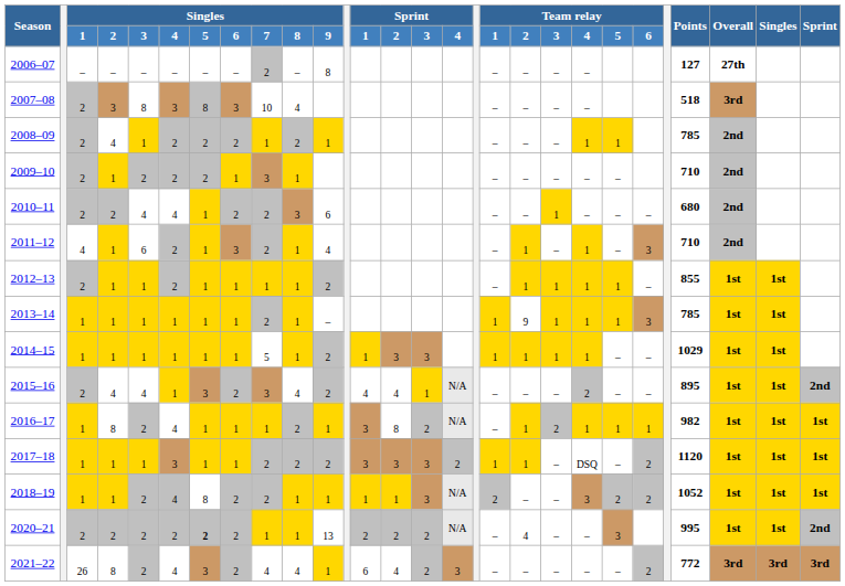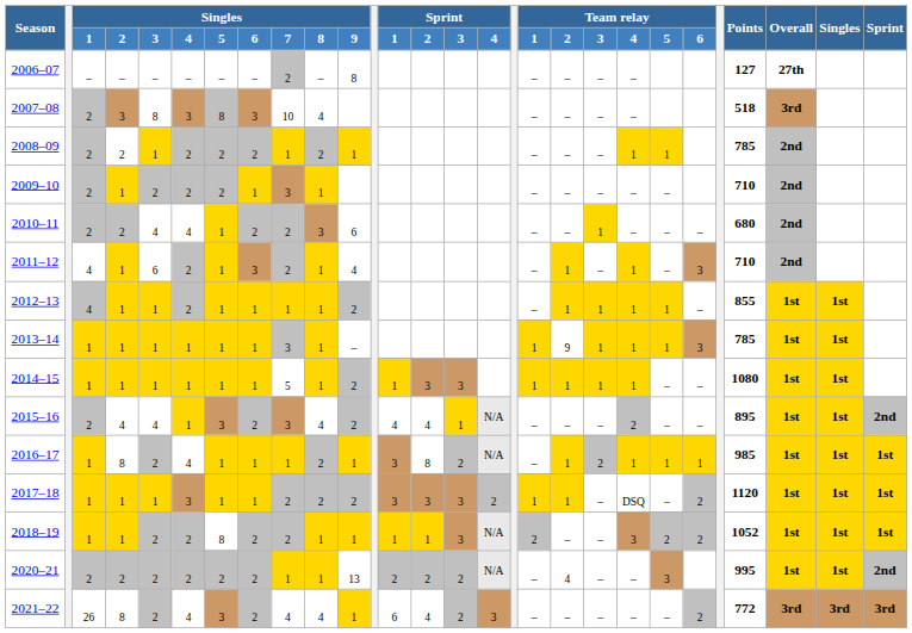 <table class="wikitable" style="font-size:95%; text-align:center; border:grey solid 1px; border-collapse:collapse; background:#ffffff;">
 <tr>
 <th rowspan="2" style="background-color:#369; color:white; width:60px">Season</th>
 <th rowspan="17" width="1px"></th>
 <th colspan="9" style="background-color:#369; color:white;">Singles</th>
 <th rowspan="17" width="1px"></th>
 <th colspan="4" style="background-color:#369; color:white;">Sprint</th>
 <th rowspan="17" width="1px"></th>
 <th colspan="6" style="background-color:#369; color:white;">Team relay</th>
 <th rowspan="17" width="1px"></th>
 <th rowspan="2" style="background-color:#369; color:white; width:40px">Points</th>
 <th rowspan="2" style="background-color:#369; color:white; width:40px">Overall</th>
 <th rowspan="2" style="background-color:#369; color:white; width:40px">Singles</th>
 <th rowspan="2" style="background-color:#369; color:white; width:40px">Sprint</th>
 </tr>
 <tr>
 <th style="background-color:#4180be; color:white; width:30px">1</th>
 <th style="background-color:#4180be; color:white; width:30px">2</th>
 <th style="background-color:#4180be; color:white; width:30px">3</th>
 <th style="background-color:#4180be; color:white; width:30px">4</th>
 <th style="background-color:#4180be; color:white; width:30px">5</th>
 <th style="background-color:#4180be; color:white; width:30px">6</th>
 <th style="background-color:#4180be; color:white; width:30px">7</th>
 <th style="background-color:#4180be; color:white; width:30px">8</th>
 <th style="background-color:#4180be; color:white; width:30px">9</th>
 <th style="background-color:#4180be; color:white; width:30px">1</th>
 <th style="background-color:#4180be; color:white; width:30px">2</th>
 <th style="background-color:#4180be; color:white; width:30px">3</th>
 <th style="background-color:#4180be; color:white; width:30px">4</th>
 <th style="background-color:#4180be; color:white; width:30px">1</th>
 <th style="background-color:#4180be; color:white; width:30px">2</th>
 <th style="background-color:#4180be; color:white; width:30px">3</th>
 <th style="background-color:#4180be; color:white; width:30px">4</th>
 <th style="background-color:#4180be; color:white; width:30px">5</th>
 <th style="background-color:#4180be; color:white; width:30px">6</th>
 </tr>
 <tr>
 <td><a href='#'>2006–07</a></td>
 <td><br><small>–</small></td>
 <td><br><small>–</small></td>
 <td><br><small>–</small></td>
 <td><br><small>–</small></td>
 <td><br><small>–</small></td>
 <td><br><small>–</small></td>
 <td style="background:silver;"><br><small>2</small></td>
 <td><br><small>–</small></td>
 <td><br><small>8</small></td>
 <td></td>
 <td></td>
 <td></td>
 <td></td>
 <td><br><small>–</small></td>
 <td><br><small>–</small></td>
 <td><br><small>–</small></td>
 <td><br><small>–</small></td>
 <td></td>
 <td></td>
 <td><strong>127</strong></td>
 <td><strong>27th</strong></td>
 <td></td>
 <td></td>
 </tr>
 <tr>
 <td><a href='#'>2007–08</a></td>
 <td style="background:silver;"><br><small>2</small></td>
 <td style="background:#cc9966;"><br><small>3</small></td>
 <td><br><small>8</small></td>
 <td style="background:#cc9966;"><br><small>3</small></td>
 <td style="background:silver;"><br><small>8</small></td>
 <td style="background:#cc9966;"><br><small>3</small></td>
 <td><br><small>10</small></td>
 <td><br><small>4</small></td>
 <td></td>
 <td></td>
 <td></td>
 <td></td>
 <td></td>
 <td><br><small>–</small></td>
 <td><br><small>–</small></td>
 <td><br><small>–</small></td>
 <td><br><small>–</small></td>
 <td></td>
 <td></td>
 <td><strong>518</strong></td>
 <td style="background:#cc9966;"><strong>3rd</strong></td>
 <td></td>
 <td></td>
 </tr>
 <tr>
 <td><a href='#'>2008–09</a></td>
 <td style="background:silver;"><br><small>2</small></td>
-<td><br><small>4</small></td>
+<td><br><small>2</small></td>
 <td style="background:gold;"><br><small>1</small></td>
 <td style="background:silver;"><br><small>2</small></td>
 <td style="background:silver;"><br><small>2</small></td>
 <td style="background:silver;"><br><small>2</small></td>
 <td style="background:gold;"><br><small>1</small></td>
 <td style="background:silver;"><br><small>2</small></td>
 <td style="background:gold;"><br><small>1</small></td>
 <td></td>
 <td></td>
 <td></td>
 <td></td>
 <td><br><small>–</small></td>
 <td><br><small>–</small></td>
 <td><br><small>–</small></td>
 <td style="background:gold;"><br><small>1</small></td>
 <td style="background:gold;"><br><small>1</small></td>
 <td></td>
 <td><strong>785</strong></td>
 <td style="background:silver;"><strong>2nd</strong></td>
 <td></td>
 <td></td>
 </tr>
 <tr>
 <td><a href='#'>2009–10</a></td>
 <td style="background:silver;"><br><small>2</small></td>
 <td style="background:gold;"><br><small>1</small></td>
 <td style="background:silver;"><br><small>2</small></td>
 <td style="background:silver;"><br><small>2</small></td>
 <td style="background:silver;"><br><small>2</small></td>
 <td style="background:gold;"><br><small>1</small></td>
 <td style="background:#cc9966;"><br><small>3</small></td>
 <td style="background:gold;"><br><small>1</small></td>
 <td></td>
 <td></td>
 <td></td>
 <td></td>
 <td></td>
 <td><br><small>–</small></td>
 <td><br><small>–</small></td>
 <td><br><small>–</small></td>
 <td><br><small>–</small></td>
 <td><br><small>–</small></td>
 <td></td>
 <td><strong>710</strong></td>
 <td style="background:silver;"><strong>2nd</strong></td>
 <td></td>
 <td></td>
 </tr>
 <tr>
 <td><a href='#'>2010–11</a></td>
 <td style="background:silver;"><br><small>2</small></td>
 <td style="background:silver;"><br><small>2</small></td>
 <td><br><small>4</small></td>
 <td><br><small>4</small></td>
 <td style="background:gold;"><br><small>1</small></td>
 <td style="background:silver;"><br><small>2</small></td>
 <td style="background:silver;"><br><small>2</small></td>
 <td style="background:#cc9966;"><br><small>3</small></td>
 <td><br><small>6</small></td>
 <td></td>
 <td></td>
 <td></td>
 <td></td>
 <td><br><small>–</small></td>
 <td><br><small>–</small></td>
 <td style="background:gold;"><br><small>1</small></td>
 <td><br><small>–</small></td>
 <td><br><small>–</small></td>
 <td><br><small>–</small></td>
 <td><strong>680</strong></td>
 <td style="background:silver;"><strong>2nd</strong></td>
 <td></td>
 <td></td>
 </tr>
 <tr>
 <td><a href='#'>2011–12</a></td>
 <td><br><small>4</small></td>
 <td style="background:gold;"><br><small>1</small></td>
 <td><br><small>6</small></td>
 <td style="background:silver;"><br><small>2</small></td>
 <td style="background:gold;"><br><small>1</small></td>
 <td style="background:#cc9966;"><br><small>3</small></td>
 <td style="background:silver;"><br><small>2</small></td>
 <td style="background:gold;"><br><small>1</small></td>
 <td><br><small>4</small></td>
 <td></td>
 <td></td>
 <td></td>
 <td></td>
 <td><br><small>–</small></td>
 <td style="background:gold;"><br><small>1</small></td>
 <td><br><small>–</small></td>
 <td style="background:gold;"><br><small>1</small></td>
 <td><br><small>–</small></td>
 <td style="background:#CC9966;"><br><small>3</small></td>
 <td><strong>710</strong></td>
 <td style="background:silver;"><strong>2nd</strong></td>
 <td></td>
 <td></td>
 </tr>
 <tr>
 <td><a href='#'>2012–13</a></td>
-<td style="background:silver;"><br><small>2</small></td>
+<td style="background:silver;"><br><small>4</small></td>
 <td style="background:gold;"><br><small>1</small></td>
 <td style="background:gold;"><br><small>1</small></td>
 <td style="background:silver;"><br><small>2</small></td>
 <td style="background:gold;"><br><small>1</small></td>
 <td style="background:gold;"><br><small>1</small></td>
 <td style="background:gold;"><br><small>1</small></td>
 <td style="background:gold;"><br><small>1</small></td>
 <td style="background:silver;"><br><small>2</small></td>
 <td></td>
 <td></td>
 <td></td>
 <td></td>
 <td><br><small>–</small></td>
 <td style="background:gold;"><br><small>1</small></td>
 <td style="background:gold;"><br><small>1</small></td>
 <td style="background:gold;"><br><small>1</small></td>
 <td style="background:gold;"><br><small>1</small></td>
 <td><br><small>–</small></td>
 <td><strong>855</strong></td>
 <td style="background:gold;"><strong>1st</strong></td>
 <td style="background:gold;"><strong>1st</strong></td>
 <td></td>
 </tr>
 <tr>
 <td><a href='#'>2013–14</a></td>
 <td style="background:gold;"><br><small>1</small></td>
 <td style="background:gold;"><br><small>1</small></td>
 <td style="background:gold;"><br><small>1</small></td>
 <td style="background:gold;"><br><small>1</small></td>
 <td style="background:gold;"><br><small>1</small></td>
 <td style="background:gold;"><br><small>1</small></td>
-<td style="background:silver;"><br><small>2</small></td>
+<td style="background:silver;"><br><small>3</small></td>
 <td style="background:gold;"><br><small>1</small></td>
 <td><br><small>–</small></td>
 <td></td>
 <td></td>
 <td></td>
 <td></td>
 <td style="background:gold;"><br><small>1</small></td>
 <td><br><small>9</small></td>
 <td style="background:gold;"><br><small>1</small></td>
 <td style="background:gold;"><br><small>1</small></td>
 <td style="background:gold;"><br><small>1</small></td>
 <td style="background:#cc9966;"><br><small>3</small></td>
 <td><strong>785</strong></td>
 <td style="background:gold;"><strong>1st</strong></td>
 <td style="background:gold;"><strong>1st</strong></td>
 <td></td>
 </tr>
 <tr>
 <td><a href='#'>2014–15</a></td>
 <td style="background:gold;"><br><small>1</small></td>
 <td style="background:gold;"><br><small>1</small></td>
 <td style="background:gold;"><br><small>1</small></td>
 <td style="background:gold;"><br><small>1</small></td>
 <td style="background:gold;"><br><small>1</small></td>
 <td style="background:gold;"><br><small>1</small></td>
 <td><br><small>5</small></td>
 <td style="background:gold;"><br><small>1</small></td>
 <td style="background:silver;"><br><small>2</small></td>
 <td style="background:gold;"><br><small>1</small></td>
 <td style="background:#cc9966;"><br><small>3</small></td>
 <td style="background:#cc9966;"><br><small>3</small></td>
 <td></td>
 <td style="background:gold;"><br><small>1</small></td>
 <td style="background:gold;"><br><small>1</small></td>
 <td style="background:gold;"><br><small>1</small></td>
 <td style="background:gold;"><br><small>1</small></td>
 <td><br><small>–</small></td>
 <td><br><small>–</small></td>
-<td><strong>1029</strong></td>
+<td><strong>1080</strong></td>
 <td style="background:gold;"><strong>1st</strong></td>
 <td style="background:gold;"><strong>1st</strong></td>
 <td></td>
 </tr>
 <tr>
 <td><a href='#'>2015–16</a></td>
 <td style="background:silver;"><br><small>2</small></td>
 <td><br><small>4</small></td>
 <td><br><small>4</small></td>
 <td style="background:gold;"><br><small>1</small></td>
 <td style="background:#cc9966;"><br><small>3</small></td>
 <td style="background:silver;"><br><small>2</small></td>
 <td style="background:#cc9966;"><br><small>3</small></td>
 <td><br><small>4</small></td>
 <td style="background:silver;"><br><small>2</small></td>
 <td><br><small>4</small></td>
 <td><br><small>4</small></td>
 <td style="background:gold;"><br><small>1</small></td>
 <td bgcolor=#E9E9E9><small>N/A</small></td>
 <td><br><small>–</small></td>
 <td><br><small>–</small></td>
 <td><br><small>–</small></td>
 <td style="background:silver;"><br><small>2</small></td>
 <td><br><small>–</small></td>
 <td><br><small>–</small></td>
 <td><strong>895</strong></td>
 <td style="background:gold;"><strong>1st</strong></td>
 <td style="background:gold;"><strong>1st</strong></td>
 <td style="background:silver;"><strong>2nd</strong></td>
 </tr>
 <tr>
 <td><a href='#'>2016–17</a></td>
 <td style="background:gold;"><br><small>1</small></td>
 <td><br><small>8</small></td>
 <td style="background:silver;"><br><small>2</small></td>
 <td><br><small>4</small></td>
 <td style="background:gold;"><br><small>1</small></td>
 <td style="background:gold;"><br><small>1</small></td>
 <td style="background:gold;"><br><small>1</small></td>
 <td style="background:silver;"><br><small>2</small></td>
 <td style="background:gold;"><br><small>1</small></td>
 <td style="background:#cc9966;"><br><small>3</small></td>
 <td><br><small>8</small></td>
 <td style="background:silver;"><br><small>2</small></td>
 <td bgcolor=#E9E9E9><small>N/A</small></td>
 <td><br><small>–</small></td>
 <td style="background:gold;"><br><small>1</small></td>
 <td style="background:silver;"><br><small>2</small></td>
 <td style="background:gold;"><br><small>1</small></td>
 <td style="background:gold;"><br><small>1</small></td>
 <td style="background:gold;"><br><small>1</small></td>
-<td><strong>982</strong></td>
+<td><strong>985</strong></td>
 <td style="background:gold;"><strong>1st</strong></td>
 <td style="background:gold;"><strong>1st</strong></td>
 <td style="background:gold;"><strong>1st</strong></td>
 </tr>
 <tr>
 <td><a href='#'>2017–18</a></td>
 <td style="background:gold;"><br><small>1</small></td>
 <td style="background:gold;"><br><small>1</small></td>
 <td style="background:gold;"><br><small>1</small></td>
 <td style="background:#cc9966;"><br><small>3</small></td>
 <td style="background:gold;"><br><small>1</small></td>
 <td style="background:gold;"><br><small>1</small></td>
 <td style="background:silver;"><br><small>2</small></td>
 <td style="background:silver;"><br><small>2</small></td>
 <td style="background:silver;"><br><small>2</small></td>
 <td style="background:#cc9966;"><br><small>3</small></td>
 <td style="background:#cc9966;"><br><small>3</small></td>
 <td style="background:#cc9966;"><br><small>3</small></td>
 <td style="background:silver;"><br><small>2</small></td>
 <td style="background:gold;"><br><small>1</small></td>
 <td style="background:gold;"><br><small>1</small></td>
 <td><br><small>–</small></td>
 <td><br><small>DSQ</small></td>
 <td><br><small>–</small></td>
 <td style="background:silver"><br><small>2</small></td>
 <td><strong>1120</strong></td>
 <td style="background:gold;"><strong>1st</strong></td>
 <td style="background:gold;"><strong>1st</strong></td>
 <td style="background:gold;"><strong>1st</strong></td>
 </tr>
 <tr>
 <td><a href='#'>2018–19</a></td>
 <td style="background:gold;"><br><small>1</small></td>
 <td style="background:gold;"><br><small>1</small></td>
 <td style="background:silver;"><br><small>2</small></td>
-<td style="background:silver;"><br><small>4</small></td>
+<td style="background:silver;"><br><small>2</small></td>
 <td><br><small>8</small></td>
 <td style="background:silver;"><br><small>2</small></td>
 <td style="background:silver;"><br><small>2</small></td>
 <td style="background:gold;"><br><small>1</small></td>
 <td style="background:gold;"><br><small>1</small></td>
 <td style="background:gold;"><br><small>1</small></td>
 <td style="background:gold;"><br><small>1</small></td>
 <td style="background:#cc9966;"><br><small>3</small></td>
 <td bgcolor=#E9E9E9><small>N/A</small></td>
 <td style="background:silver;"><br><small>2</small></td>
 <td><br><small>–</small></td>
 <td><br><small>–</small></td>
 <td style="background:#cc9966;"><br><small>3</small></td>
 <td style="background:silver;"><br><small>2</small></td>
 <td style="background:silver;"><br><small>2</small></td>
 <td><strong>1052</strong></td>
 <td style="background:gold;"><strong>1st</strong></td>
 <td style="background:gold;"><strong>1st</strong></td>
 <td style="background:gold;"><strong>1st</strong></td>
 </tr>
 <tr>
 <td><a href='#'>2020–21</a></td>
 <td style="background:silver;"><br><small>2</small></td>
 <td style="background:silver;"><br><small>2</small></td>
 <td style="background:silver;"><br><small>2</small></td>
 <td style="background:silver;"><br><small>2</small></td>
-<td style="background:silver;"><strong><br><small>2</small></strong></td>
+<td style="background:silver;"><br><small>2</small></td>
 <td style="background:silver;"><br><small>2</small></td>
 <td style="background:gold;"><br><small>1</small></td>
 <td style="background:gold;"><br><small>1</small></td>
 <td><br><small>13</small></td>
 <td style="background:silver;"><br><small>2</small></td>
 <td style="background:silver;"><br><small>2</small></td>
 <td style="background:silver;"><br><small>2</small></td>
 <td bgcolor=#E9E9E9><small>N/A</small></td>
 <td><br><small>–</small></td>
 <td><br><small>4</small></td>
 <td><br><small>–</small></td>
 <td><br><small>–</small></td>
 <td style="background:#cc9966;"><br><small>3</small></td>
 <td><br><small></small></td>
 <td><strong>995</strong></td>
 <td style="background:gold;"><strong>1st</strong></td>
 <td style="background:gold;"><strong>1st</strong></td>
 <td style="background:silver;"><strong>2nd</strong></td>
 </tr>
 <tr>
 <td><a href='#'>2021–22</a></td>
 <td><br><small>26</small></td>
 <td><br><small>8</small></td>
 <td style="background:silver;"><br><small>2</small></td>
 <td><br><small>4</small></td>
 <td style="background:#cc9966;"><br><small>3</small></td>
 <td style="background:silver;"><br><small>2</small></td>
 <td><br><small>4</small></td>
 <td><br><small>4</small></td>
 <td style="background:gold;"><br><small>1</small></td>
 <td><br><small>6</small></td>
 <td><br><small>4</small></td>
 <td style="background:silver;"><br><small>2</small></td>
 <td style="background:#cc9966;"><br><small>3</small></td>
 <td><br><small>–</small></td>
 <td><br><small>–</small></td>
 <td><br><small>–</small></td>
 <td><br><small>–</small></td>
 <td><br><small>–</small></td>
 <td style="background:silver;"><br><small>2</small></td>
 <td><strong>772</strong></td>
 <td style="background:#cc9966;"><strong>3rd</strong></td>
 <td style="background:#cc9966;"><strong>3rd</strong></td>
 <td style="background:#cc9966;"><strong>3rd</strong></td>
 </tr>
 </table>
